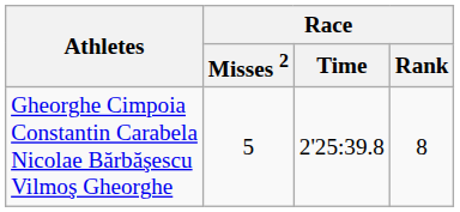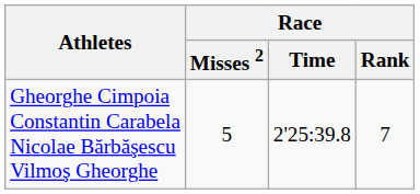 <table class="wikitable" border="1" style="font-size:90%">
 <tr>
 <th rowspan=2>Athletes</th>
 <th colspan=3>Race</th>
 </tr>
 <tr>
 <th>Misses <sup>2</sup></th>
 <th>Time</th>
 <th>Rank</th>
 </tr>
 <tr>
 <td><a href='#'>Gheorghe Cimpoia</a><br><a href='#'>Constantin Carabela</a><br><a href='#'>Nicolae Bărbăşescu</a><br><a href='#'>Vilmoş Gheorghe</a></td>
 <td align=center>5</td>
 <td align=center>2'25:39.8</td>
-<td align=center>8</td>
+<td align=center>7</td>
 </tr>
 </table>
